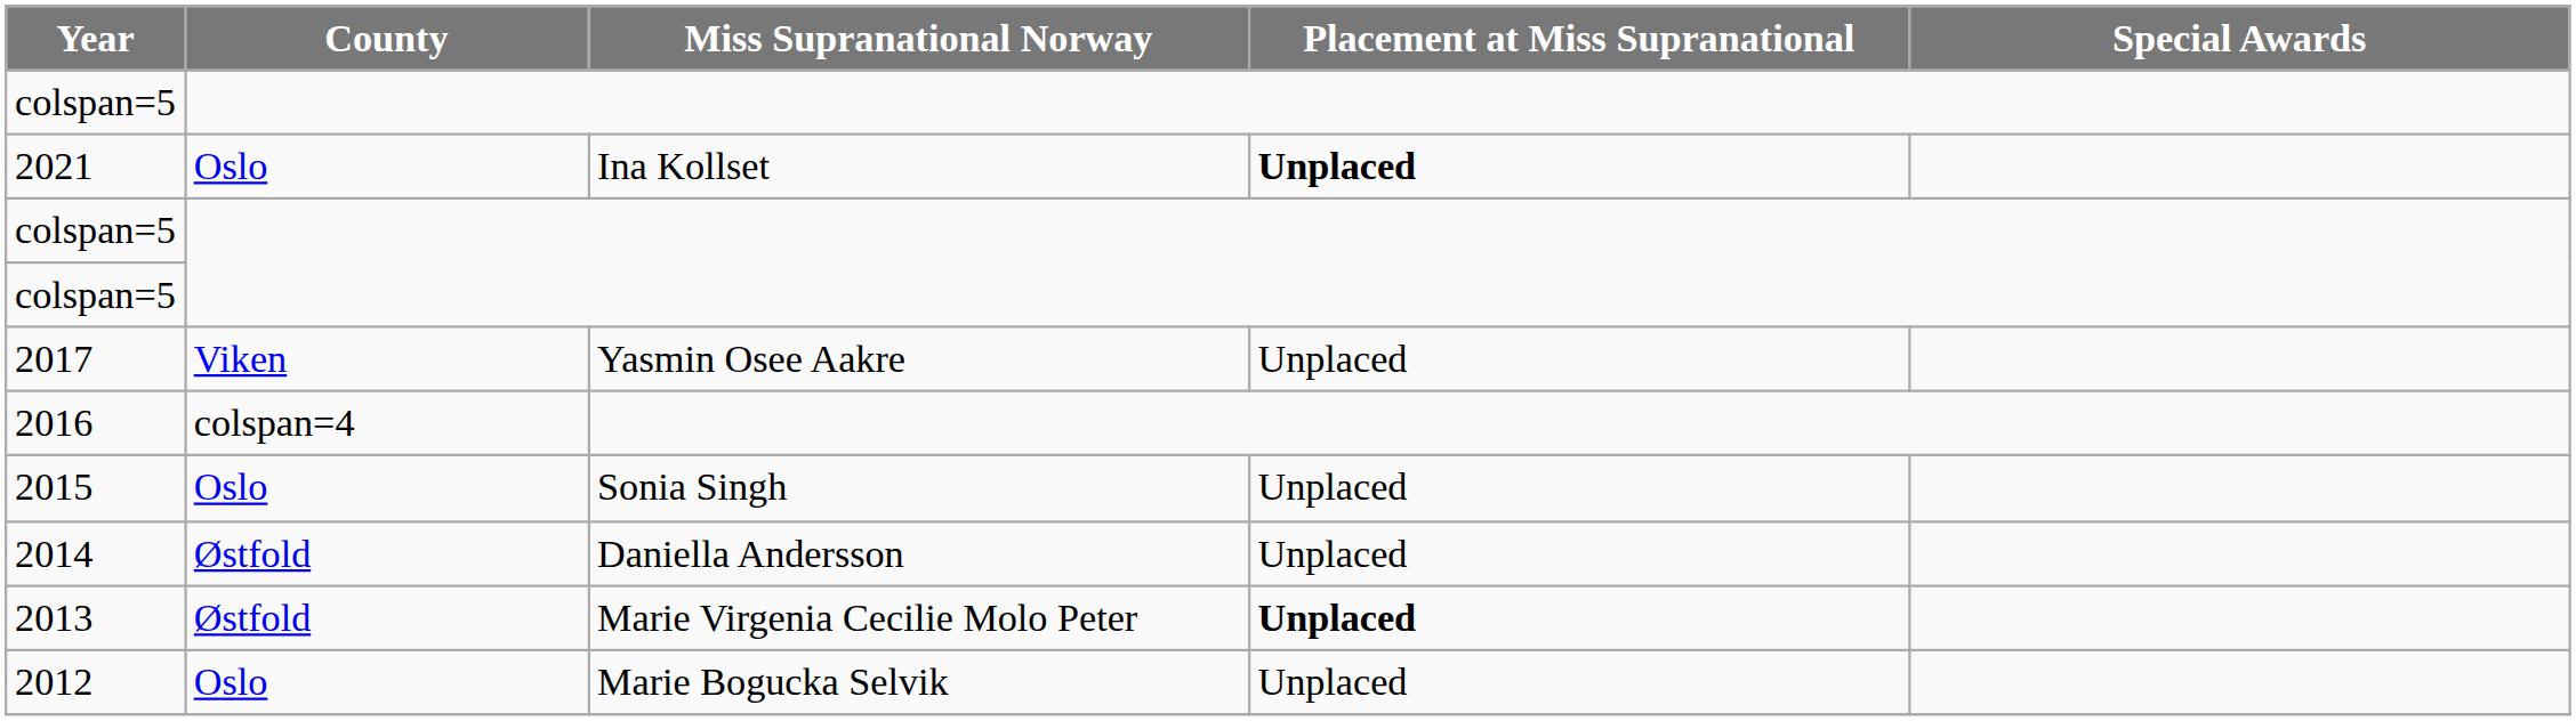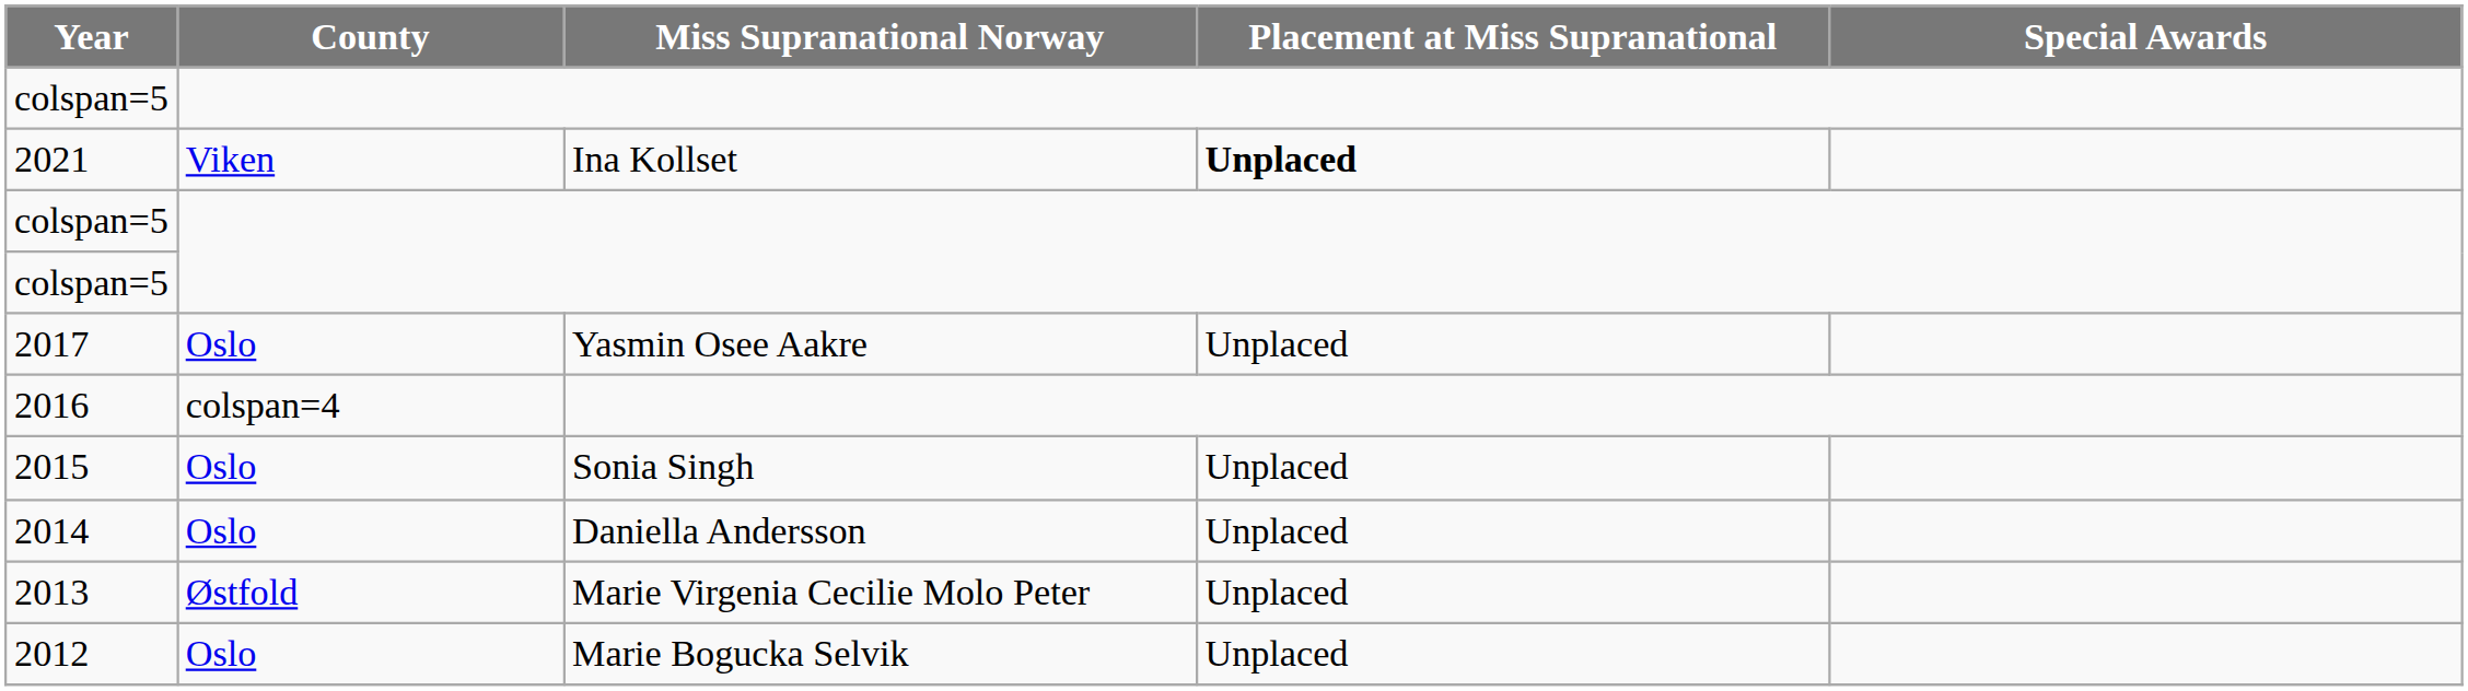 <table class="wikitable " style="font-size: 95%;">
 <tr>
 <th width="60" style="background-color:#787878;color:#FFFFFF;">Year</th>
 <th width="150" style="background-color:#787878;color:#FFFFFF;">County</th>
 <th width="250" style="background-color:#787878;color:#FFFFFF;">Miss Supranational Norway</th>
 <th width="250" style="background-color:#787878;color:#FFFFFF;">Placement at Miss Supranational</th>
 <th width="250" style="background-color:#787878;color:#FFFFFF;">Special Awards</th>
 </tr>
 <tr>
 <td>colspan=5 </td>
 </tr>
 <tr>
 <td>2021</td>
-<td><a href='#'>Oslo</a></td>
+<td><a href='#'>Viken</a></td>
 <td>Ina Kollset</td>
 <td><strong>Unplaced</strong></td>
 <td></td>
 </tr>
 <tr>
 <td>colspan=5 </td>
 </tr>
 <tr>
 <td>colspan=5 </td>
 </tr>
 <tr>
 <td>2017</td>
-<td><a href='#'>Viken</a></td>
+<td><a href='#'>Oslo</a></td>
 <td>Yasmin Osee Aakre</td>
 <td>Unplaced</td>
 <td></td>
 </tr>
 <tr>
 <td>2016</td>
 <td>colspan=4 </td>
 </tr>
 <tr>
 <td>2015</td>
 <td><a href='#'>Oslo</a></td>
 <td>Sonia Singh</td>
 <td>Unplaced</td>
 <td></td>
 </tr>
 <tr>
 <td>2014</td>
-<td><a href='#'>Østfold</a></td>
+<td><a href='#'>Oslo</a></td>
 <td>Daniella Andersson</td>
 <td>Unplaced</td>
 <td></td>
 </tr>
 <tr>
 <td>2013</td>
 <td><a href='#'>Østfold</a></td>
 <td>Marie Virgenia Cecilie Molo Peter</td>
-<td><strong>Unplaced</strong></td>
+<td>Unplaced</td>
 <td></td>
 </tr>
 <tr>
 <td>2012</td>
 <td><a href='#'>Oslo</a></td>
 <td>Marie Bogucka Selvik</td>
 <td>Unplaced</td>
 <td></td>
 </tr>
 <tr>
 </tr>
 </table>
